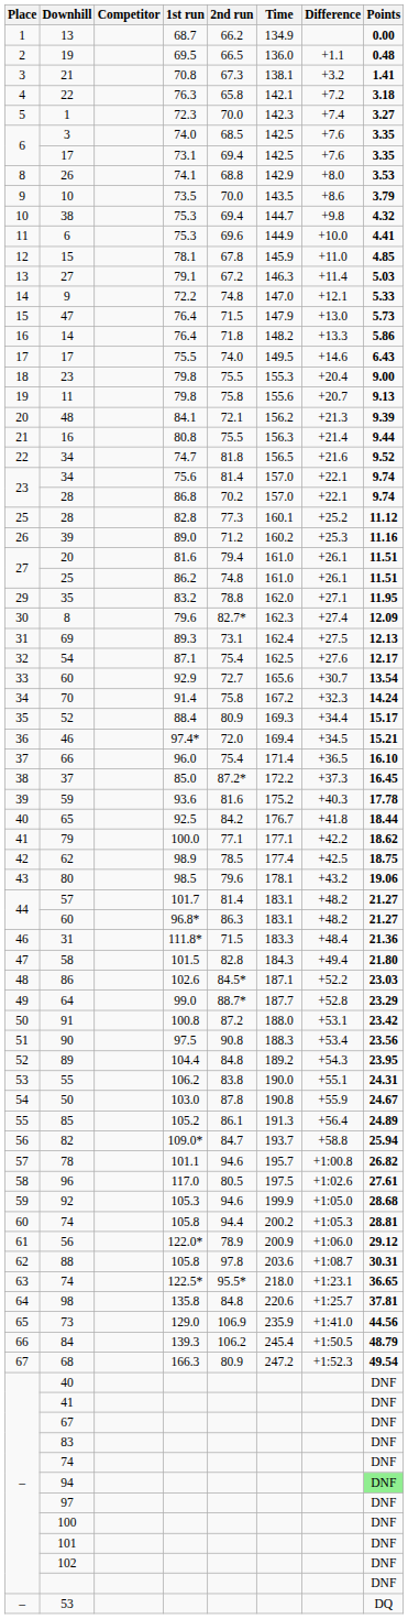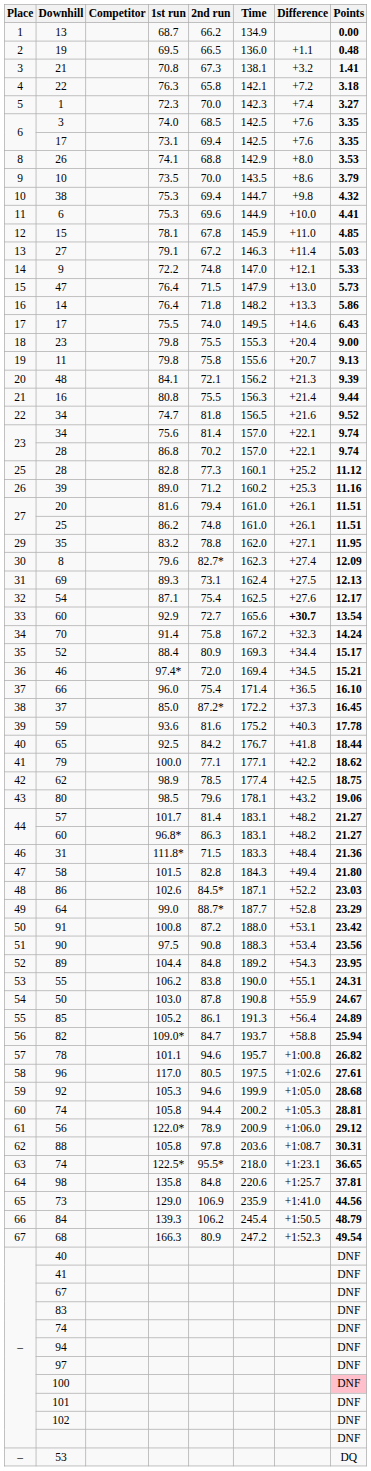 <table class=wikitable style="text-align:center">
 <tr>
 <th>Place</th>
 <th>Downhill</th>
 <th>Competitor</th>
 <th>1st run</th>
 <th>2nd run</th>
 <th width=50>Time</th>
 <th>Difference</th>
 <th>Points</th>
 </tr>
 <tr>
 <td>1</td>
 <td>13</td>
 <td align=left></td>
 <td>68.7</td>
 <td>66.2</td>
 <td>134.9</td>
 <td></td>
 <td><strong>0.00</strong></td>
 </tr>
 <tr>
 <td>2</td>
 <td>19</td>
 <td align=left></td>
 <td>69.5</td>
 <td>66.5</td>
 <td>136.0</td>
 <td>+1.1</td>
 <td><strong>0.48</strong></td>
 </tr>
 <tr>
 <td>3</td>
 <td>21</td>
 <td align=left></td>
 <td>70.8</td>
 <td>67.3</td>
 <td>138.1</td>
 <td>+3.2</td>
 <td><strong>1.41</strong></td>
 </tr>
 <tr>
 <td>4</td>
 <td>22</td>
 <td align=left></td>
 <td>76.3</td>
 <td>65.8</td>
 <td>142.1</td>
 <td>+7.2</td>
 <td><strong>3.18</strong></td>
 </tr>
 <tr>
 <td>5</td>
 <td>1</td>
 <td align=left></td>
 <td>72.3</td>
 <td>70.0</td>
 <td>142.3</td>
 <td>+7.4</td>
 <td><strong>3.27</strong></td>
 </tr>
 <tr>
 <td rowspan=2>6</td>
 <td>3</td>
 <td align=left></td>
 <td>74.0</td>
 <td>68.5</td>
 <td>142.5</td>
 <td>+7.6</td>
 <td><strong>3.35</strong></td>
 </tr>
 <tr>
 <td>17</td>
 <td align=left></td>
 <td>73.1</td>
 <td>69.4</td>
 <td>142.5</td>
 <td>+7.6</td>
 <td><strong>3.35</strong></td>
 </tr>
 <tr>
 <td>8</td>
 <td>26</td>
 <td align=left></td>
 <td>74.1</td>
 <td>68.8</td>
 <td>142.9</td>
 <td>+8.0</td>
 <td><strong>3.53</strong></td>
 </tr>
 <tr>
 <td>9</td>
 <td>10</td>
 <td align=left></td>
 <td>73.5</td>
 <td>70.0</td>
 <td>143.5</td>
 <td>+8.6</td>
 <td><strong>3.79</strong></td>
 </tr>
 <tr>
 <td>10</td>
 <td>38</td>
 <td align=left></td>
 <td>75.3</td>
 <td>69.4</td>
 <td>144.7</td>
 <td>+9.8</td>
 <td><strong>4.32</strong></td>
 </tr>
 <tr>
 <td>11</td>
 <td>6</td>
 <td align=left></td>
 <td>75.3</td>
 <td>69.6</td>
 <td>144.9</td>
 <td>+10.0</td>
 <td><strong>4.41</strong></td>
 </tr>
 <tr>
 <td>12</td>
 <td>15</td>
 <td align=left></td>
 <td>78.1</td>
 <td>67.8</td>
 <td>145.9</td>
 <td>+11.0</td>
 <td><strong>4.85</strong></td>
 </tr>
 <tr>
 <td>13</td>
 <td>27</td>
 <td align=left></td>
 <td>79.1</td>
 <td>67.2</td>
 <td>146.3</td>
 <td>+11.4</td>
 <td><strong>5.03</strong></td>
 </tr>
 <tr>
 <td>14</td>
 <td>9</td>
 <td align=left></td>
 <td>72.2</td>
 <td>74.8</td>
 <td>147.0</td>
 <td>+12.1</td>
 <td><strong>5.33</strong></td>
 </tr>
 <tr>
 <td>15</td>
 <td>47</td>
 <td align=left></td>
 <td>76.4</td>
 <td>71.5</td>
 <td>147.9</td>
 <td>+13.0</td>
 <td><strong>5.73</strong></td>
 </tr>
 <tr>
 <td>16</td>
 <td>14</td>
 <td align=left></td>
 <td>76.4</td>
 <td>71.8</td>
 <td>148.2</td>
 <td>+13.3</td>
 <td><strong>5.86</strong></td>
 </tr>
 <tr>
 <td>17</td>
 <td>17</td>
 <td align=left></td>
 <td>75.5</td>
 <td>74.0</td>
 <td>149.5</td>
 <td>+14.6</td>
 <td><strong>6.43</strong></td>
 </tr>
 <tr>
 <td>18</td>
 <td>23</td>
 <td align=left></td>
 <td>79.8</td>
 <td>75.5</td>
 <td>155.3</td>
 <td>+20.4</td>
 <td><strong>9.00</strong></td>
 </tr>
 <tr>
 <td>19</td>
 <td>11</td>
 <td align=left></td>
 <td>79.8</td>
 <td>75.8</td>
 <td>155.6</td>
 <td>+20.7</td>
 <td><strong>9.13</strong></td>
 </tr>
 <tr>
 <td>20</td>
 <td>48</td>
 <td align=left></td>
 <td>84.1</td>
 <td>72.1</td>
 <td>156.2</td>
 <td>+21.3</td>
 <td><strong>9.39</strong></td>
 </tr>
 <tr>
 <td>21</td>
 <td>16</td>
 <td align=left></td>
 <td>80.8</td>
 <td>75.5</td>
 <td>156.3</td>
 <td>+21.4</td>
 <td><strong>9.44</strong></td>
 </tr>
 <tr>
 <td>22</td>
 <td>34</td>
 <td align=left></td>
 <td>74.7</td>
 <td>81.8</td>
 <td>156.5</td>
 <td>+21.6</td>
 <td><strong>9.52</strong></td>
 </tr>
 <tr>
 <td rowspan=2>23</td>
 <td>34</td>
 <td align=left></td>
 <td>75.6</td>
 <td>81.4</td>
 <td>157.0</td>
 <td>+22.1</td>
 <td><strong>9.74</strong></td>
 </tr>
 <tr>
 <td>28</td>
 <td align=left></td>
 <td>86.8</td>
 <td>70.2</td>
 <td>157.0</td>
 <td>+22.1</td>
 <td><strong>9.74</strong></td>
 </tr>
 <tr>
 <td>25</td>
 <td>28</td>
 <td align=left></td>
 <td>82.8</td>
 <td>77.3</td>
 <td>160.1</td>
 <td>+25.2</td>
 <td><strong>11.12</strong></td>
 </tr>
 <tr>
 <td>26</td>
 <td>39</td>
 <td align=left></td>
 <td>89.0</td>
 <td>71.2</td>
 <td>160.2</td>
 <td>+25.3</td>
 <td><strong>11.16</strong></td>
 </tr>
 <tr>
 <td rowspan=2>27</td>
 <td>20</td>
 <td align=left></td>
 <td>81.6</td>
 <td>79.4</td>
 <td>161.0</td>
 <td>+26.1</td>
 <td><strong>11.51</strong></td>
 </tr>
 <tr>
 <td>25</td>
 <td align=left></td>
 <td>86.2</td>
 <td>74.8</td>
 <td>161.0</td>
 <td>+26.1</td>
 <td><strong>11.51</strong></td>
 </tr>
 <tr>
 <td>29</td>
 <td>35</td>
 <td align=left></td>
 <td>83.2</td>
 <td>78.8</td>
 <td>162.0</td>
 <td>+27.1</td>
 <td><strong>11.95</strong></td>
 </tr>
 <tr>
 <td>30</td>
 <td>8</td>
 <td align=left></td>
 <td>79.6</td>
 <td>82.7*</td>
 <td>162.3</td>
 <td>+27.4</td>
 <td><strong>12.09</strong></td>
 </tr>
 <tr>
 <td>31</td>
 <td>69</td>
 <td align=left></td>
 <td>89.3</td>
 <td>73.1</td>
 <td>162.4</td>
 <td>+27.5</td>
 <td><strong>12.13</strong></td>
 </tr>
 <tr>
 <td>32</td>
 <td>54</td>
 <td align=left></td>
 <td>87.1</td>
 <td>75.4</td>
 <td>162.5</td>
 <td>+27.6</td>
 <td><strong>12.17</strong></td>
 </tr>
 <tr>
 <td>33</td>
 <td>60</td>
 <td align=left></td>
 <td>92.9</td>
 <td>72.7</td>
 <td>165.6</td>
-<td>+30.7</td>
+<td><strong>+30.7</strong></td>
 <td><strong>13.54</strong></td>
 </tr>
 <tr>
 <td>34</td>
 <td>70</td>
 <td align=left></td>
 <td>91.4</td>
 <td>75.8</td>
 <td>167.2</td>
 <td>+32.3</td>
 <td><strong>14.24</strong></td>
 </tr>
 <tr>
 <td>35</td>
 <td>52</td>
 <td align=left></td>
 <td>88.4</td>
 <td>80.9</td>
 <td>169.3</td>
 <td>+34.4</td>
 <td><strong>15.17</strong></td>
 </tr>
 <tr>
 <td>36</td>
 <td>46</td>
 <td align=left></td>
 <td>97.4*</td>
 <td>72.0</td>
 <td>169.4</td>
 <td>+34.5</td>
 <td><strong>15.21</strong></td>
 </tr>
 <tr>
 <td>37</td>
 <td>66</td>
 <td align=left></td>
 <td>96.0</td>
 <td>75.4</td>
 <td>171.4</td>
 <td>+36.5</td>
 <td><strong>16.10</strong></td>
 </tr>
 <tr>
 <td>38</td>
 <td>37</td>
 <td align=left></td>
 <td>85.0</td>
 <td>87.2*</td>
 <td>172.2</td>
 <td>+37.3</td>
 <td><strong>16.45</strong></td>
 </tr>
 <tr>
 <td>39</td>
 <td>59</td>
 <td align=left></td>
 <td>93.6</td>
 <td>81.6</td>
 <td>175.2</td>
 <td>+40.3</td>
 <td><strong>17.78</strong></td>
 </tr>
 <tr>
 <td>40</td>
 <td>65</td>
 <td align=left></td>
 <td>92.5</td>
 <td>84.2</td>
 <td>176.7</td>
 <td>+41.8</td>
 <td><strong>18.44</strong></td>
 </tr>
 <tr>
 <td>41</td>
 <td>79</td>
 <td align=left></td>
 <td>100.0</td>
 <td>77.1</td>
 <td>177.1</td>
 <td>+42.2</td>
 <td><strong>18.62</strong></td>
 </tr>
 <tr>
 <td>42</td>
 <td>62</td>
 <td align=left></td>
 <td>98.9</td>
 <td>78.5</td>
 <td>177.4</td>
 <td>+42.5</td>
 <td><strong>18.75</strong></td>
 </tr>
 <tr>
 <td>43</td>
 <td>80</td>
 <td align=left></td>
 <td>98.5</td>
 <td>79.6</td>
 <td>178.1</td>
 <td>+43.2</td>
 <td><strong>19.06</strong></td>
 </tr>
 <tr>
 <td rowspan=2>44</td>
 <td>57</td>
 <td align=left></td>
 <td>101.7</td>
 <td>81.4</td>
 <td>183.1</td>
 <td>+48.2</td>
 <td><strong>21.27</strong></td>
 </tr>
 <tr>
 <td>60</td>
 <td align=left></td>
 <td>96.8*</td>
 <td>86.3</td>
 <td>183.1</td>
 <td>+48.2</td>
 <td><strong>21.27</strong></td>
 </tr>
 <tr>
 <td>46</td>
 <td>31</td>
 <td align=left></td>
 <td>111.8*</td>
 <td>71.5</td>
 <td>183.3</td>
 <td>+48.4</td>
 <td><strong>21.36</strong></td>
 </tr>
 <tr>
 <td>47</td>
 <td>58</td>
 <td align=left></td>
 <td>101.5</td>
 <td>82.8</td>
 <td>184.3</td>
 <td>+49.4</td>
 <td><strong>21.80</strong></td>
 </tr>
 <tr>
 <td>48</td>
 <td>86</td>
 <td align=left></td>
 <td>102.6</td>
 <td>84.5*</td>
 <td>187.1</td>
 <td>+52.2</td>
 <td><strong>23.03</strong></td>
 </tr>
 <tr>
 <td>49</td>
 <td>64</td>
 <td align=left></td>
 <td>99.0</td>
 <td>88.7*</td>
 <td>187.7</td>
 <td>+52.8</td>
 <td><strong>23.29</strong></td>
 </tr>
 <tr>
 <td>50</td>
 <td>91</td>
 <td align=left></td>
 <td>100.8</td>
 <td>87.2</td>
 <td>188.0</td>
 <td>+53.1</td>
 <td><strong>23.42</strong></td>
 </tr>
 <tr>
 <td>51</td>
 <td>90</td>
 <td align=left></td>
 <td>97.5</td>
 <td>90.8</td>
 <td>188.3</td>
 <td>+53.4</td>
 <td><strong>23.56</strong></td>
 </tr>
 <tr>
 <td>52</td>
 <td>89</td>
 <td align=left></td>
 <td>104.4</td>
 <td>84.8</td>
 <td>189.2</td>
 <td>+54.3</td>
 <td><strong>23.95</strong></td>
 </tr>
 <tr>
 <td>53</td>
 <td>55</td>
 <td align=left></td>
 <td>106.2</td>
 <td>83.8</td>
 <td>190.0</td>
 <td>+55.1</td>
 <td><strong>24.31</strong></td>
 </tr>
 <tr>
 <td>54</td>
 <td>50</td>
 <td align=left></td>
 <td>103.0</td>
 <td>87.8</td>
 <td>190.8</td>
 <td>+55.9</td>
 <td><strong>24.67</strong></td>
 </tr>
 <tr>
 <td>55</td>
 <td>85</td>
 <td align=left></td>
 <td>105.2</td>
 <td>86.1</td>
 <td>191.3</td>
 <td>+56.4</td>
 <td><strong>24.89</strong></td>
 </tr>
 <tr>
 <td>56</td>
 <td>82</td>
 <td align=left></td>
 <td>109.0*</td>
 <td>84.7</td>
 <td>193.7</td>
 <td>+58.8</td>
 <td><strong>25.94</strong></td>
 </tr>
 <tr>
 <td>57</td>
 <td>78</td>
 <td align=left></td>
 <td>101.1</td>
 <td>94.6</td>
 <td>195.7</td>
 <td>+1:00.8</td>
 <td><strong>26.82</strong></td>
 </tr>
 <tr>
 <td>58</td>
 <td>96</td>
 <td align=left></td>
 <td>117.0</td>
 <td>80.5</td>
 <td>197.5</td>
 <td>+1:02.6</td>
 <td><strong>27.61</strong></td>
 </tr>
 <tr>
 <td>59</td>
 <td>92</td>
 <td align=left></td>
 <td>105.3</td>
 <td>94.6</td>
 <td>199.9</td>
 <td>+1:05.0</td>
 <td><strong>28.68</strong></td>
 </tr>
 <tr>
 <td>60</td>
 <td>74</td>
 <td align=left></td>
 <td>105.8</td>
 <td>94.4</td>
 <td>200.2</td>
 <td>+1:05.3</td>
 <td><strong>28.81</strong></td>
 </tr>
 <tr>
 <td>61</td>
 <td>56</td>
 <td align=left></td>
 <td>122.0*</td>
 <td>78.9</td>
 <td>200.9</td>
 <td>+1:06.0</td>
 <td><strong>29.12</strong></td>
 </tr>
 <tr>
 <td>62</td>
 <td>88</td>
 <td align=left></td>
 <td>105.8</td>
 <td>97.8</td>
 <td>203.6</td>
 <td>+1:08.7</td>
 <td><strong>30.31</strong></td>
 </tr>
 <tr>
 <td>63</td>
 <td>74</td>
 <td align=left></td>
 <td>122.5*</td>
 <td>95.5*</td>
 <td>218.0</td>
 <td>+1:23.1</td>
 <td><strong>36.65</strong></td>
 </tr>
 <tr>
 <td>64</td>
 <td>98</td>
 <td align=left></td>
 <td>135.8</td>
 <td>84.8</td>
 <td>220.6</td>
 <td>+1:25.7</td>
 <td><strong>37.81</strong></td>
 </tr>
 <tr>
 <td>65</td>
 <td>73</td>
 <td align=left></td>
 <td>129.0</td>
 <td>106.9</td>
 <td>235.9</td>
 <td>+1:41.0</td>
 <td><strong>44.56</strong></td>
 </tr>
 <tr>
 <td>66</td>
 <td>84</td>
 <td align=left></td>
 <td>139.3</td>
 <td>106.2</td>
 <td>245.4</td>
 <td>+1:50.5</td>
 <td><strong>48.79</strong></td>
 </tr>
 <tr>
 <td>67</td>
 <td>68</td>
 <td align=left></td>
 <td>166.3</td>
 <td>80.9</td>
 <td>247.2</td>
 <td>+1:52.3</td>
 <td><strong>49.54</strong></td>
 </tr>
 <tr>
 <td rowspan=11>–</td>
 <td>40</td>
 <td align=left></td>
 <td></td>
 <td></td>
 <td></td>
 <td></td>
 <td>DNF</td>
 </tr>
 <tr>
 <td>41</td>
 <td align=left></td>
 <td></td>
 <td></td>
 <td></td>
 <td></td>
 <td>DNF</td>
 </tr>
 <tr>
 <td>67</td>
 <td align=left></td>
 <td></td>
 <td></td>
 <td></td>
 <td></td>
 <td>DNF</td>
 </tr>
 <tr>
 <td>83</td>
 <td align=left></td>
 <td></td>
 <td></td>
 <td></td>
 <td></td>
 <td>DNF</td>
 </tr>
 <tr>
 <td>74</td>
 <td align=left></td>
 <td></td>
 <td></td>
 <td></td>
 <td></td>
 <td>DNF</td>
 </tr>
 <tr>
 <td>94</td>
 <td align=left></td>
 <td></td>
 <td></td>
 <td></td>
 <td></td>
-<td style="background: lightgreen;">DNF</td>
+<td>DNF</td>
 </tr>
 <tr>
 <td>97</td>
 <td align=left></td>
 <td></td>
 <td></td>
 <td></td>
 <td></td>
 <td>DNF</td>
 </tr>
 <tr>
 <td>100</td>
 <td align=left></td>
 <td></td>
 <td></td>
 <td></td>
 <td></td>
-<td>DNF</td>
+<td style="background: pink;">DNF</td>
 </tr>
 <tr>
 <td>101</td>
 <td align=left></td>
 <td></td>
 <td></td>
 <td></td>
 <td></td>
 <td>DNF</td>
 </tr>
 <tr>
 <td>102</td>
 <td align=left></td>
 <td></td>
 <td></td>
 <td></td>
 <td></td>
 <td>DNF</td>
 </tr>
 <tr>
 <td></td>
 <td align=left></td>
 <td></td>
 <td></td>
 <td></td>
 <td></td>
 <td>DNF</td>
 </tr>
 <tr>
 <td>–</td>
 <td>53</td>
 <td align=left></td>
 <td></td>
 <td></td>
 <td></td>
 <td></td>
 <td>DQ</td>
 </tr>
 </table>
